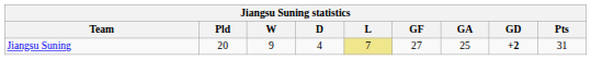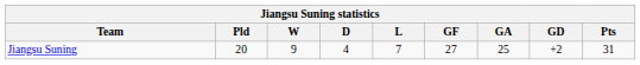 <table width=70% class="wikitable" style="text-align:">
 <tr>
 <th colspan=9>Jiangsu Suning statistics</th>
 </tr>
 <tr>
 <th width=20%>Team</th>
 <th width=5%>Pld</th>
 <th width=5%>W</th>
 <th width=5%>D</th>
 <th width=5%>L</th>
 <th width=5%>GF</th>
 <th width=5%>GA</th>
 <th width=5%>GD</th>
 <th width=5%>Pts</th>
 </tr>
 <tr align=center>
 <td align=left> <a href='#'>Jiangsu Suning</a></td>
 <td>20</td>
 <td>9</td>
 <td>4</td>
-<td style="background: khaki;">7</td>
+<td>7</td>
 <td>27</td>
 <td>25</td>
-<td><strong>+2</strong></td>
+<td>+2</td>
 <td>31</td>
 </tr>
 </table>
